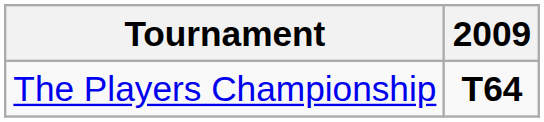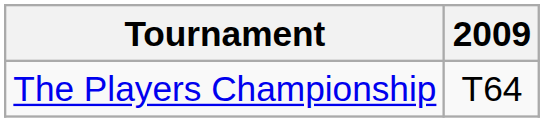 <table class="wikitable" style="font-size:95%;text-align:center;">
 <tr>
 <th>Tournament</th>
 <th>2009</th>
 </tr>
 <tr>
 <td align=left><a href='#'>The Players Championship</a></td>
-<td><strong>T64</strong></td>
+<td>T64</td>
 </tr>
 </table>
